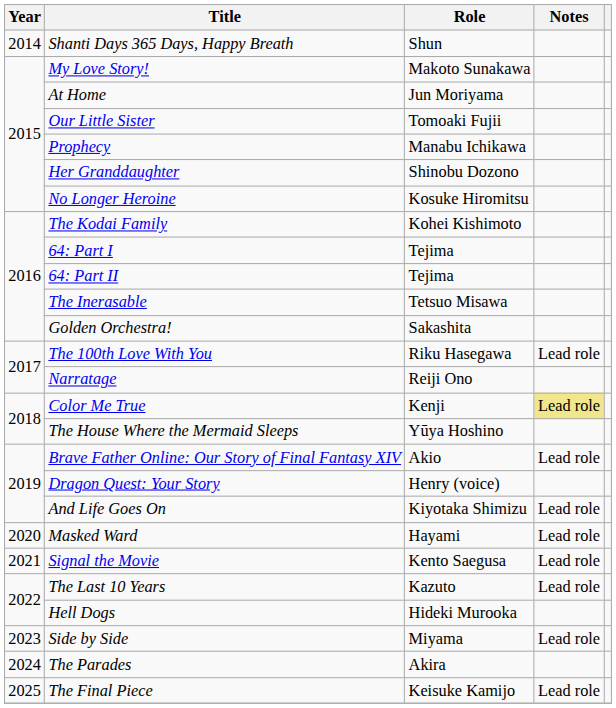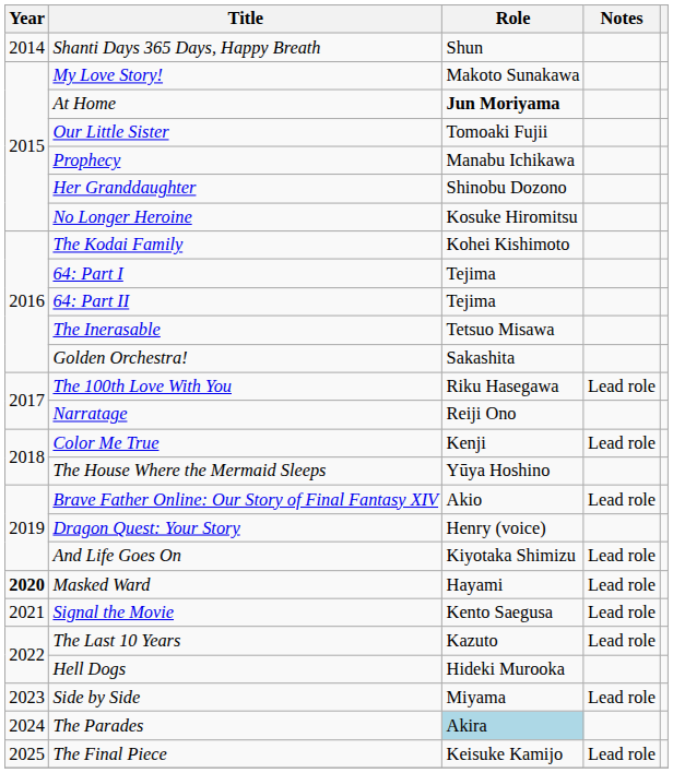 <table class="wikitable sortable">
 <tr>
 <th>Year</th>
 <th>Title</th>
 <th>Role</th>
 <th class="unsortable">Notes</th>
 <th class="unsortable"></th>
 </tr>
 <tr>
 <td>2014</td>
 <td><em>Shanti Days 365 Days, Happy Breath</em></td>
 <td>Shun</td>
 <td></td>
 <td></td>
 </tr>
 <tr>
 <td rowspan="6">2015</td>
 <td><em><a href='#'>My Love Story!</a></em></td>
 <td>Makoto Sunakawa</td>
 <td></td>
 <td></td>
 </tr>
 <tr>
 <td><em>At Home</em></td>
-<td>Jun Moriyama</td>
+<td><strong>Jun Moriyama</strong></td>
 <td></td>
 <td></td>
 </tr>
 <tr>
 <td><em><a href='#'>Our Little Sister</a></em></td>
 <td>Tomoaki Fujii</td>
 <td></td>
 <td></td>
 </tr>
 <tr>
 <td><em><a href='#'>Prophecy</a></em></td>
 <td>Manabu Ichikawa</td>
 <td></td>
 <td></td>
 </tr>
 <tr>
 <td><em><a href='#'>Her Granddaughter</a></em></td>
 <td>Shinobu Dozono</td>
 <td></td>
 <td></td>
 </tr>
 <tr>
 <td><em><a href='#'>No Longer Heroine</a></em></td>
 <td>Kosuke Hiromitsu</td>
 <td></td>
 <td></td>
 </tr>
 <tr>
 <td rowspan="5">2016</td>
 <td><em><a href='#'>The Kodai Family</a></em></td>
 <td>Kohei Kishimoto</td>
 <td></td>
 <td></td>
 </tr>
 <tr>
 <td><em><a href='#'>64: Part I</a></em></td>
 <td>Tejima</td>
 <td></td>
 <td></td>
 </tr>
 <tr>
 <td><em><a href='#'>64: Part II</a></em></td>
 <td>Tejima</td>
 <td></td>
 <td></td>
 </tr>
 <tr>
 <td><em><a href='#'>The Inerasable</a></em></td>
 <td>Tetsuo Misawa</td>
 <td></td>
 <td></td>
 </tr>
 <tr>
 <td><em>Golden Orchestra!</em></td>
 <td>Sakashita</td>
 <td></td>
 <td></td>
 </tr>
 <tr>
 <td rowspan="2">2017</td>
 <td><em><a href='#'>The 100th Love With You</a></em></td>
 <td>Riku Hasegawa</td>
 <td>Lead role</td>
 <td></td>
 </tr>
 <tr>
 <td><em><a href='#'>Narratage</a></em></td>
 <td>Reiji Ono</td>
 <td></td>
 <td></td>
 </tr>
 <tr>
 <td rowspan="2">2018</td>
 <td><em><a href='#'>Color Me True</a></em></td>
 <td>Kenji</td>
-<td style="background: khaki;">Lead role</td>
+<td>Lead role</td>
 <td></td>
 </tr>
 <tr>
 <td><em>The House Where the Mermaid Sleeps</em></td>
 <td>Yūya Hoshino</td>
 <td></td>
 <td></td>
 </tr>
 <tr>
 <td rowspan="3">2019</td>
 <td><em><a href='#'>Brave Father Online: Our Story of Final Fantasy XIV</a></em></td>
 <td>Akio</td>
 <td>Lead role</td>
 <td></td>
 </tr>
 <tr>
 <td><em><a href='#'>Dragon Quest: Your Story</a></em></td>
 <td>Henry (voice)</td>
 <td></td>
 <td></td>
 </tr>
 <tr>
 <td><em>And Life Goes On</em></td>
 <td>Kiyotaka Shimizu</td>
 <td>Lead role</td>
 <td></td>
 </tr>
 <tr>
-<td>2020</td>
+<td><strong>2020</strong></td>
 <td><em>Masked Ward</em></td>
 <td>Hayami</td>
 <td>Lead role</td>
 <td></td>
 </tr>
 <tr>
 <td>2021</td>
 <td><em><a href='#'>Signal the Movie</a></em></td>
 <td>Kento Saegusa</td>
 <td>Lead role</td>
 <td></td>
 </tr>
 <tr>
 <td rowspan="2">2022</td>
 <td><em>The Last 10 Years</em></td>
 <td>Kazuto</td>
 <td>Lead role</td>
 <td></td>
 </tr>
 <tr>
 <td><em>Hell Dogs</em></td>
 <td>Hideki Murooka</td>
 <td></td>
 <td></td>
 </tr>
 <tr>
 <td>2023</td>
 <td><em>Side by Side</em></td>
 <td>Miyama</td>
 <td>Lead role</td>
 <td></td>
 </tr>
 <tr>
 <td>2024</td>
 <td><em>The Parades</em></td>
-<td>Akira</td>
+<td style="background: lightblue;">Akira</td>
 <td></td>
 <td></td>
 </tr>
 <tr>
 <td>2025</td>
 <td><em>The Final Piece</em></td>
 <td>Keisuke Kamijo</td>
 <td>Lead role</td>
 <td></td>
 </tr>
 <tr>
 </tr>
 </table>
